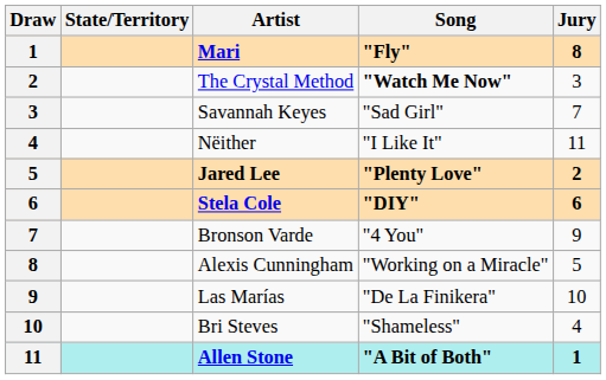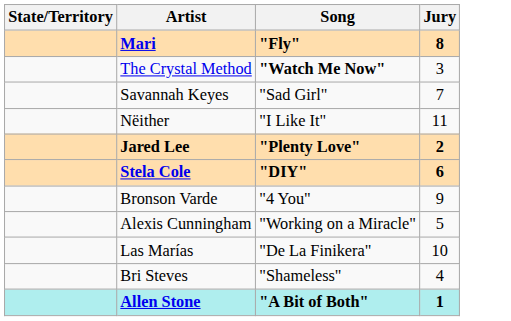 <table class="wikitable sortable plainrowheaders">
 <tr>
-<th scope="col">Draw</th>
 <th scope="col">State/Territory</th>
 <th scope="col">Artist</th>
 <th scope="col">Song</th>
 <th scope="col">Jury</th>
 </tr>
 <tr style="font-weight:bold; background:navajowhite;">
-<th scope="row" style="text-align:center">1</th>
 <td></td>
 <td><a href='#'>Mari</a></td>
 <td>"Fly"</td>
 <td align="center">8</td>
 </tr>
 <tr>
-<th scope="row" style="text-align:center">2</th>
 <td></td>
 <td><a href='#'>The Crystal Method</a></td>
 <td><strong>"Watch Me Now"</strong></td>
 <td align="center">3</td>
 </tr>
 <tr>
-<th scope="row" style="text-align:center">3</th>
 <td></td>
 <td>Savannah Keyes</td>
 <td>"Sad Girl"</td>
 <td align="center">7</td>
 </tr>
 <tr>
-<th scope="row" style="text-align:center">4</th>
 <td></td>
 <td>Nëither</td>
 <td>"I Like It"</td>
 <td align="center">11</td>
 </tr>
 <tr style="font-weight:bold; background:navajowhite;">
-<th scope="row" style="text-align:center">5</th>
 <td></td>
 <td>Jared Lee</td>
 <td>"Plenty Love"</td>
 <td align="center">2</td>
 </tr>
 <tr style="font-weight:bold; background:navajowhite;">
-<th scope="row" style="text-align:center">6</th>
 <td></td>
 <td><a href='#'>Stela Cole</a></td>
 <td>"DIY"</td>
 <td align="center">6</td>
 </tr>
 <tr>
-<th scope="row" style="text-align:center">7</th>
 <td></td>
 <td>Bronson Varde</td>
 <td>"4 You"</td>
 <td align="center">9</td>
 </tr>
 <tr>
-<th scope="row" style="text-align:center">8</th>
 <td></td>
 <td>Alexis Cunningham</td>
 <td>"Working on a Miracle"</td>
 <td align="center">5</td>
 </tr>
 <tr>
-<th scope="row" style="text-align:center">9</th>
 <td></td>
 <td>Las Marías</td>
 <td>"De La Finikera"</td>
 <td align="center">10</td>
 </tr>
 <tr>
-<th scope="row" style="text-align:center">10</th>
 <td></td>
 <td>Bri Steves</td>
 <td>"Shameless"</td>
 <td align="center">4</td>
 </tr>
 <tr style="font-weight:bold; background:paleturquoise;">
-<th scope="row" style="text-align:center">11</th>
 <td></td>
 <td><a href='#'>Allen Stone</a></td>
 <td>"A Bit of Both"</td>
 <td align="center">1</td>
 </tr>
 </table>
